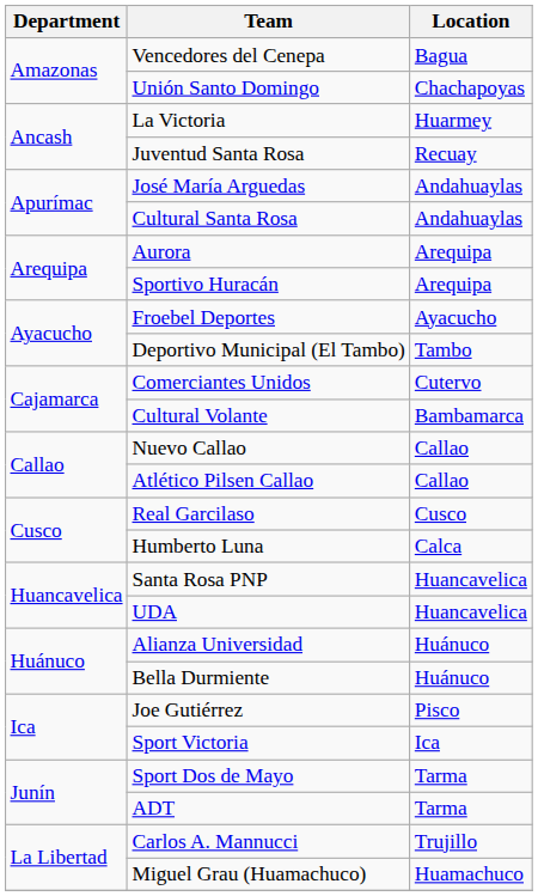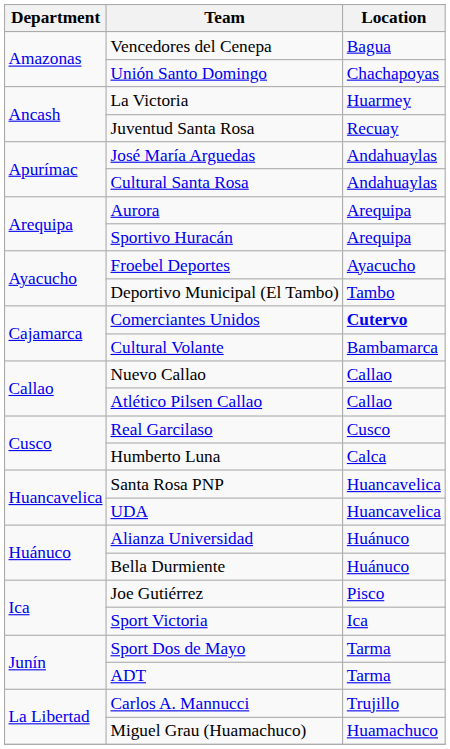 <table class="wikitable">
 <tr>
 <th>Department</th>
 <th>Team</th>
 <th>Location</th>
 </tr>
 <tr>
 <td rowspan="2"><a href='#'>Amazonas</a></td>
 <td>Vencedores del Cenepa</td>
 <td><a href='#'>Bagua</a></td>
 </tr>
 <tr>
 <td><a href='#'>Unión Santo Domingo</a></td>
 <td><a href='#'>Chachapoyas</a></td>
 </tr>
 <tr>
 <td rowspan="2"><a href='#'>Ancash</a></td>
 <td>La Victoria</td>
 <td><a href='#'>Huarmey</a></td>
 </tr>
 <tr>
 <td>Juventud Santa Rosa</td>
 <td><a href='#'>Recuay</a></td>
 </tr>
 <tr>
 <td rowspan="2"><a href='#'>Apurímac</a></td>
 <td><a href='#'>José María Arguedas</a></td>
 <td><a href='#'>Andahuaylas</a></td>
 </tr>
 <tr>
 <td><a href='#'>Cultural Santa Rosa</a></td>
 <td><a href='#'>Andahuaylas</a></td>
 </tr>
 <tr>
 <td rowspan="2"><a href='#'>Arequipa</a></td>
 <td><a href='#'>Aurora</a></td>
 <td><a href='#'>Arequipa</a></td>
 </tr>
 <tr>
 <td><a href='#'>Sportivo Huracán</a></td>
 <td><a href='#'>Arequipa</a></td>
 </tr>
 <tr>
 <td rowspan="2"><a href='#'>Ayacucho</a></td>
 <td><a href='#'>Froebel Deportes</a></td>
 <td><a href='#'>Ayacucho</a></td>
 </tr>
 <tr>
 <td>Deportivo Municipal (El Tambo)</td>
 <td><a href='#'>Tambo</a></td>
 </tr>
 <tr>
 <td rowspan="2"><a href='#'>Cajamarca</a></td>
 <td><a href='#'>Comerciantes Unidos</a></td>
-<td><a href='#'>Cutervo</a></td>
+<td><strong><a href='#'>Cutervo</a></strong></td>
 </tr>
 <tr>
 <td><a href='#'>Cultural Volante</a></td>
 <td><a href='#'>Bambamarca</a></td>
 </tr>
 <tr>
 <td rowspan="2"><a href='#'>Callao</a></td>
 <td>Nuevo Callao</td>
 <td><a href='#'>Callao</a></td>
 </tr>
 <tr>
 <td><a href='#'>Atlético Pilsen Callao</a></td>
 <td><a href='#'>Callao</a></td>
 </tr>
 <tr>
 <td rowspan="2"><a href='#'>Cusco</a></td>
 <td><a href='#'>Real Garcilaso</a></td>
 <td><a href='#'>Cusco</a></td>
 </tr>
 <tr>
 <td>Humberto Luna</td>
 <td><a href='#'>Calca</a></td>
 </tr>
 <tr>
 <td rowspan="2"><a href='#'>Huancavelica</a></td>
 <td>Santa Rosa PNP</td>
 <td><a href='#'>Huancavelica</a></td>
 </tr>
 <tr>
 <td><a href='#'>UDA</a></td>
 <td><a href='#'>Huancavelica</a></td>
 </tr>
 <tr>
 <td rowspan="2"><a href='#'>Huánuco</a></td>
 <td><a href='#'>Alianza Universidad</a></td>
 <td><a href='#'>Huánuco</a></td>
 </tr>
 <tr>
 <td>Bella Durmiente</td>
 <td><a href='#'>Huánuco</a></td>
 </tr>
 <tr>
 <td rowspan="2"><a href='#'>Ica</a></td>
 <td>Joe Gutiérrez</td>
 <td><a href='#'>Pisco</a></td>
 </tr>
 <tr>
 <td><a href='#'>Sport Victoria</a></td>
 <td><a href='#'>Ica</a></td>
 </tr>
 <tr>
 <td rowspan="2"><a href='#'>Junín</a></td>
 <td><a href='#'>Sport Dos de Mayo</a></td>
 <td><a href='#'>Tarma</a></td>
 </tr>
 <tr>
 <td><a href='#'>ADT</a></td>
 <td><a href='#'>Tarma</a></td>
 </tr>
 <tr>
 <td rowspan="2"><a href='#'>La Libertad</a></td>
 <td><a href='#'>Carlos A. Mannucci</a></td>
 <td><a href='#'>Trujillo</a></td>
 </tr>
 <tr>
 <td>Miguel Grau (Huamachuco)</td>
 <td><a href='#'>Huamachuco</a></td>
 </tr>
 <tr>
 </tr>
 </table>
